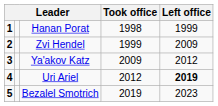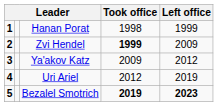 <table class=wikitable style=text-align:center>
 <tr>
 <th colspan=3>Leader</th>
 <th>Took office</th>
 <th>Left office</th>
 </tr>
 <tr>
 <td style="background:"><strong>1</strong></td>
 <td></td>
 <td><a href='#'>Hanan Porat</a></td>
 <td>1998</td>
 <td>1999</td>
 </tr>
 <tr>
 <td style="background:"><strong>2</strong></td>
 <td></td>
 <td><a href='#'>Zvi Hendel</a></td>
-<td>1999</td>
+<td><strong>1999</strong></td>
 <td>2009</td>
 </tr>
 <tr>
 <td style="background:"><strong>3</strong></td>
 <td></td>
 <td><a href='#'>Ya'akov Katz</a></td>
 <td>2009</td>
 <td>2012</td>
 </tr>
 <tr>
 <td style="background:"><strong>4</strong></td>
 <td></td>
 <td><a href='#'>Uri Ariel</a></td>
 <td>2012</td>
-<td><strong>2019</strong></td>
+<td>2019</td>
 </tr>
 <tr>
 <td style="background:"><strong>5</strong></td>
 <td></td>
 <td><a href='#'>Bezalel Smotrich</a></td>
-<td>2019</td>
-<td>2023</td>
+<td><strong>2019</strong></td>
+<td><strong>2023</strong></td>
 </tr>
 </table>
